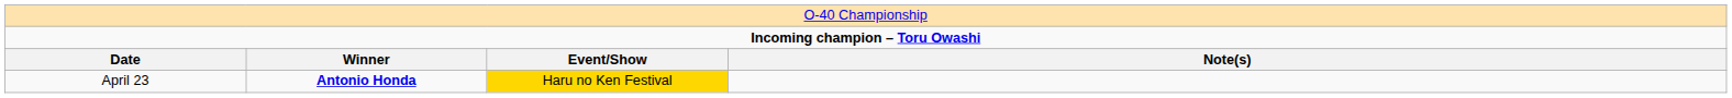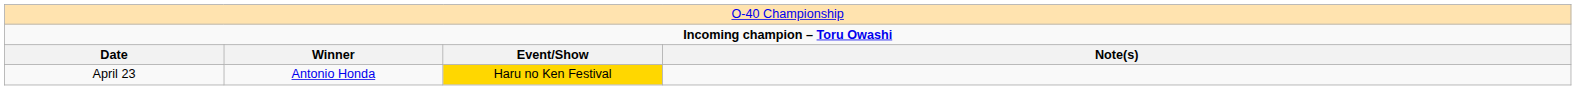 <table class="wikitable" style="text-align:center; width:100%;">
 <tr style="background:#ffe3af;">
 <td colspan="4" style="text-align: center;"><a href='#'>O-40 Championship</a></td>
 </tr>
 <tr>
 <td colspan="4" style="text-align: center;"><strong>Incoming champion – <a href='#'>Toru Owashi</a></strong></td>
 </tr>
 <tr>
 <th width=14%>Date</th>
 <th width=14%>Winner</th>
 <th width=14%>Event/Show</th>
 <th width=58%>Note(s)</th>
 </tr>
 <tr>
 <td>April 23</td>
-<td><strong><a href='#'>Antonio Honda</a></strong></td>
+<td><a href='#'>Antonio Honda</a></td>
 <td style="background: gold;">Haru no Ken Festival</td>
 <td></td>
 </tr>
 </table>
